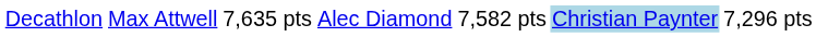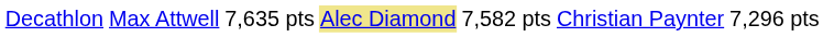 <table>
 <tr>
 </tr>
 <tr>
 <td><a href='#'>Decathlon</a></td>
 <td align=left><a href='#'>Max Attwell</a> <br> </td>
 <td>7,635 pts</td>
-<td align=left><a href='#'>Alec Diamond</a> <br> </td>
+<td align=left style="background: khaki;"><a href='#'>Alec Diamond</a> <br> </td>
 <td>7,582 pts</td>
-<td align=left style="background: lightblue;"><a href='#'>Christian Paynter</a> <br> </td>
+<td align=left><a href='#'>Christian Paynter</a> <br> </td>
 <td>7,296 pts</td>
 </tr>
 </table>
